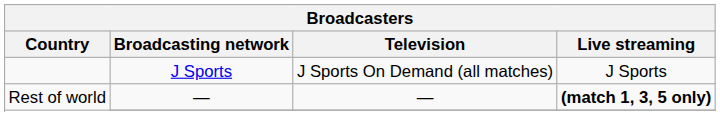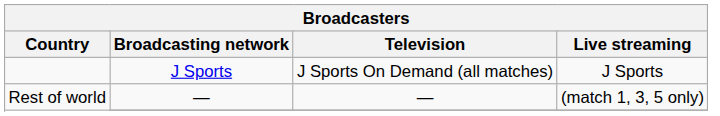 <table class="wikitable" style="font-size:95%; text-align:center;">
 <tr>
 <th colspan="4">Broadcasters</th>
 </tr>
 <tr>
 <th>Country</th>
 <th>Broadcasting network</th>
 <th>Television</th>
 <th>Live streaming</th>
 </tr>
 <tr>
 <td align="left"></td>
 <td><a href='#'>J Sports</a></td>
 <td>J Sports On Demand (all matches)</td>
 <td>J Sports</td>
 </tr>
 <tr>
 <td style="text-align:left" rowspan=2>Rest of world</td>
 <td>—</td>
 <td>—</td>
-<td><strong> (match 1, 3, 5 only)</strong></td>
+<td> (match 1, 3, 5 only)</td>
 </tr>
 <tr>
 </tr>
 </table>
